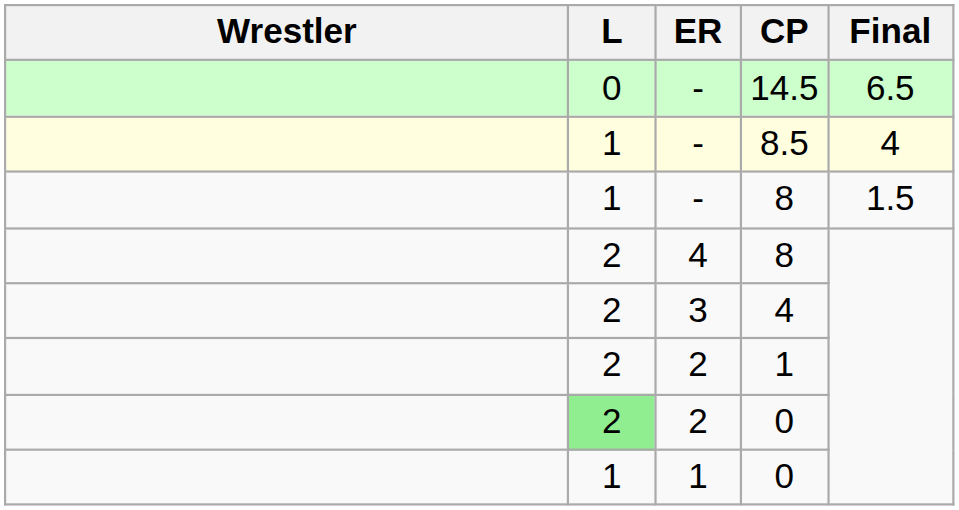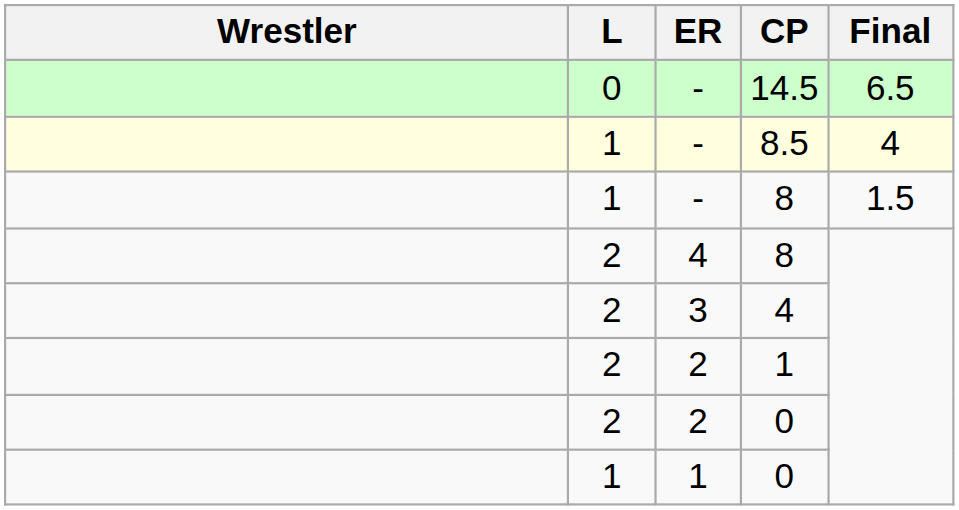 <table class="wikitable" style="text-align: center;" |>
 <tr>
 <th width="250">Wrestler</th>
 <th width="32">L</th>
 <th width="32">ER</th>
 <th width="32">CP</th>
 <th width="50">Final</th>
 </tr>
 <tr bgcolor="ccffcc">
 <td style="text-align:left;"></td>
 <td>0</td>
 <td>-</td>
 <td>14.5</td>
 <td>6.5</td>
 </tr>
 <tr bgcolor="lightyellow">
 <td style="text-align:left;"></td>
 <td>1</td>
 <td>-</td>
 <td>8.5</td>
 <td>4</td>
 </tr>
 <tr>
 <td style="text-align:left;"></td>
 <td>1</td>
 <td>-</td>
 <td>8</td>
 <td>1.5</td>
 </tr>
 <tr>
 <td style="text-align:left;"></td>
 <td>2</td>
 <td>4</td>
 <td>8</td>
 </tr>
 <tr>
 <td style="text-align:left;"></td>
 <td>2</td>
 <td>3</td>
 <td>4</td>
 </tr>
 <tr>
 <td style="text-align:left;"></td>
 <td>2</td>
 <td>2</td>
 <td>1</td>
 </tr>
 <tr>
 <td style="text-align:left;"></td>
-<td style="background: lightgreen;">2</td>
+<td>2</td>
 <td>2</td>
 <td>0</td>
 </tr>
 <tr>
 <td style="text-align:left;"></td>
 <td>1</td>
 <td>1</td>
 <td>0</td>
 </tr>
 </table>
